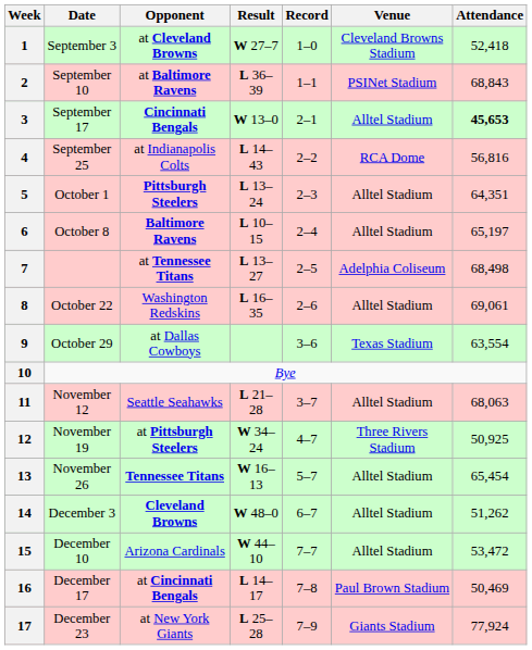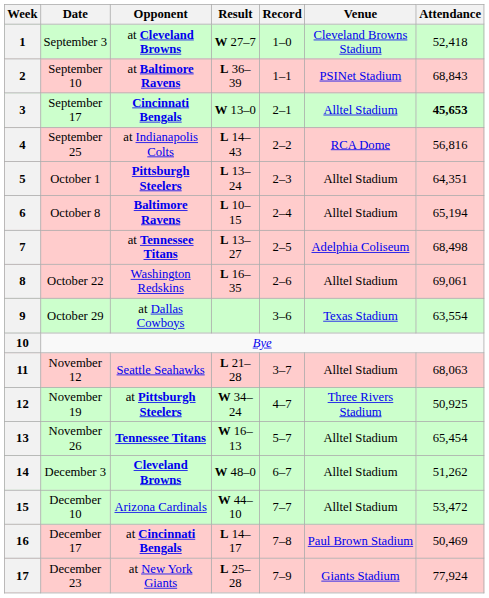 <table class="wikitable" style="text-align:center">
 <tr>
 <th>Week</th>
 <th>Date</th>
 <th>Opponent</th>
 <th>Result</th>
 <th>Record</th>
 <th>Venue</th>
 <th>Attendance</th>
 </tr>
 <tr style="background:#cfc">
 <th>1</th>
 <td>September 3</td>
 <td>at <strong><a href='#'>Cleveland Browns</a></strong></td>
 <td><strong>W</strong> 27–7</td>
 <td>1–0</td>
 <td><a href='#'>Cleveland Browns Stadium</a></td>
 <td>52,418</td>
 </tr>
 <tr style="background:#fcc">
 <th>2</th>
 <td>September 10</td>
 <td>at <strong><a href='#'>Baltimore Ravens</a></strong></td>
 <td><strong>L</strong> 36–39</td>
 <td>1–1</td>
 <td><a href='#'>PSINet Stadium</a></td>
 <td>68,843</td>
 </tr>
 <tr style="background:#cfc">
 <th>3</th>
 <td>September 17</td>
 <td><strong><a href='#'>Cincinnati Bengals</a></strong></td>
 <td><strong>W</strong> 13–0</td>
 <td>2–1</td>
 <td><a href='#'>Alltel Stadium</a></td>
 <td><strong>45,653</strong></td>
 </tr>
 <tr style="background:#fcc">
 <th>4</th>
 <td>September 25</td>
 <td>at <a href='#'>Indianapolis Colts</a></td>
 <td><strong>L</strong> 14–43</td>
 <td>2–2</td>
 <td><a href='#'>RCA Dome</a></td>
 <td>56,816</td>
 </tr>
 <tr style="background:#fcc">
 <th>5</th>
 <td>October 1</td>
 <td><strong><a href='#'>Pittsburgh Steelers</a></strong></td>
 <td><strong>L</strong> 13–24</td>
 <td>2–3</td>
 <td>Alltel Stadium</td>
 <td>64,351</td>
 </tr>
 <tr style="background:#fcc">
 <th>6</th>
 <td>October 8</td>
 <td><strong><a href='#'>Baltimore Ravens</a></strong></td>
 <td><strong>L</strong> 10–15</td>
 <td>2–4</td>
 <td>Alltel Stadium</td>
-<td>65,197</td>
+<td>65,194</td>
 </tr>
 <tr style="background:#fcc">
 <th>7</th>
 <td></td>
 <td>at <strong><a href='#'>Tennessee Titans</a></strong></td>
 <td><strong>L</strong> 13–27</td>
 <td>2–5</td>
 <td><a href='#'>Adelphia Coliseum</a></td>
 <td>68,498</td>
 </tr>
 <tr style="background:#fcc">
 <th>8</th>
 <td>October 22</td>
 <td><a href='#'>Washington Redskins</a></td>
 <td><strong>L</strong> 16–35</td>
 <td>2–6</td>
 <td>Alltel Stadium</td>
 <td>69,061</td>
 </tr>
 <tr style="background:#cfc">
 <th>9</th>
 <td>October 29</td>
 <td>at <a href='#'>Dallas Cowboys</a></td>
 <td></td>
 <td>3–6</td>
 <td><a href='#'>Texas Stadium</a></td>
 <td>63,554</td>
 </tr>
 <tr>
 <th>10</th>
 <td colspan=6><em><a href='#'>Bye</a></em></td>
 </tr>
 <tr style="background:#fcc">
 <th>11</th>
 <td>November 12</td>
 <td><a href='#'>Seattle Seahawks</a></td>
 <td><strong>L</strong> 21–28</td>
 <td>3–7</td>
 <td>Alltel Stadium</td>
 <td>68,063</td>
 </tr>
 <tr style="background:#cfc">
 <th>12</th>
 <td>November 19</td>
 <td>at <strong><a href='#'>Pittsburgh Steelers</a></strong></td>
 <td><strong>W</strong> 34–24</td>
 <td>4–7</td>
 <td><a href='#'>Three Rivers Stadium</a></td>
 <td>50,925</td>
 </tr>
 <tr style="background:#cfc">
 <th>13</th>
 <td>November 26</td>
 <td><strong><a href='#'>Tennessee Titans</a></strong></td>
 <td><strong>W</strong> 16–13</td>
 <td>5–7</td>
 <td>Alltel Stadium</td>
 <td>65,454</td>
 </tr>
 <tr style="background:#cfc">
 <th>14</th>
 <td>December 3</td>
 <td><strong><a href='#'>Cleveland Browns</a></strong></td>
 <td><strong>W</strong> 48–0</td>
 <td>6–7</td>
 <td>Alltel Stadium</td>
 <td>51,262</td>
 </tr>
 <tr style="background:#cfc">
 <th>15</th>
 <td>December 10</td>
 <td><a href='#'>Arizona Cardinals</a></td>
 <td><strong>W</strong> 44–10</td>
 <td>7–7</td>
 <td>Alltel Stadium</td>
 <td>53,472</td>
 </tr>
 <tr style="background:#fcc">
 <th>16</th>
 <td>December 17</td>
 <td>at <strong><a href='#'>Cincinnati Bengals</a></strong></td>
 <td><strong>L</strong> 14–17</td>
 <td>7–8</td>
 <td><a href='#'>Paul Brown Stadium</a></td>
 <td>50,469</td>
 </tr>
 <tr style="background:#fcc">
 <th>17</th>
 <td>December 23</td>
 <td>at <a href='#'>New York Giants</a></td>
 <td><strong>L</strong> 25–28</td>
 <td>7–9</td>
 <td><a href='#'>Giants Stadium</a></td>
 <td>77,924</td>
 </tr>
 </table>
